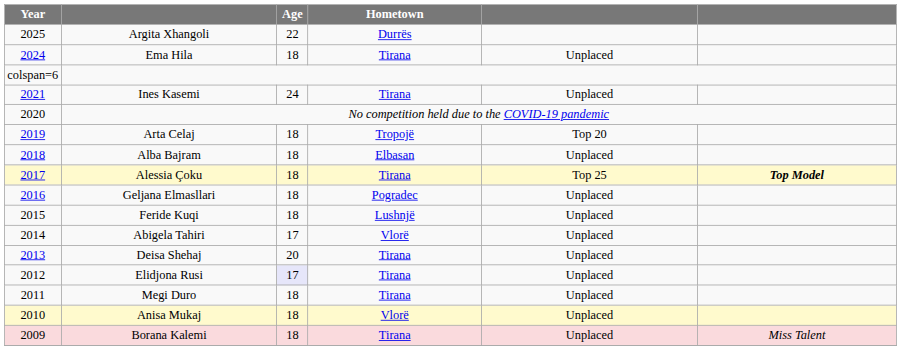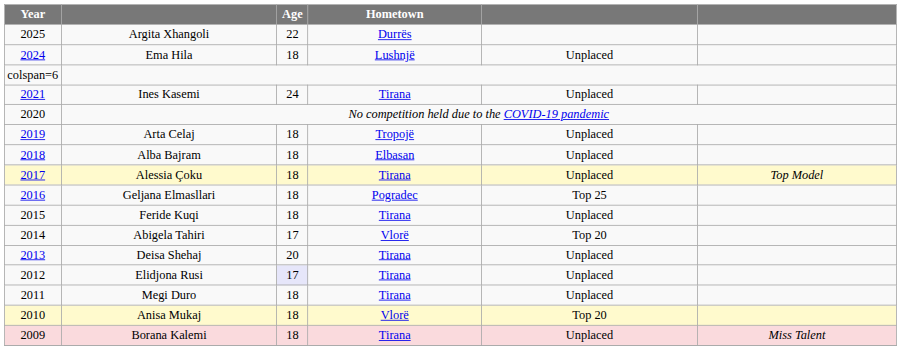 <table class="wikitable" style="font-size: 92%; text-align:center">
 <tr>
 <th width="30" style="background-color:#787878;color:#FFFFFF;">Year</th>
 <th width="250" style="background-color:#787878;color:#FFFFFF;"></th>
 <th width="30" style="background-color:#787878;color:#FFFFFF;">Age</th>
 <th width="200" style="background-color:#787878;color:#FFFFFF;">Hometown</th>
 <th width="250" style="background-color:#787878;color:#FFFFFF;"></th>
 <th width="230" style="background-color:#787878;color:#FFFFFF;"></th>
 </tr>
 <tr>
 <td>2025</td>
 <td>Argita Xhangoli</td>
 <td>22</td>
 <td><a href='#'>Durrës</a></td>
 <td></td>
 <td></td>
 </tr>
 <tr>
 <td><a href='#'>2024</a></td>
 <td>Ema Hila</td>
 <td>18</td>
-<td><a href='#'>Tirana</a></td>
+<td><a href='#'>Lushnjë</a></td>
 <td>Unplaced</td>
 <td></td>
 </tr>
 <tr>
 <td>colspan=6 </td>
 </tr>
 <tr>
 <td><a href='#'>2021</a></td>
 <td>Ines Kasemi</td>
 <td>24</td>
 <td><a href='#'>Tirana</a></td>
 <td>Unplaced</td>
 <td></td>
 </tr>
 <tr>
 <td>2020</td>
 <td colspan="5"><em>No competition held due to the <a href='#'>COVID-19 pandemic</a></em></td>
 </tr>
 <tr>
 <td><a href='#'>2019</a></td>
 <td>Arta Celaj</td>
 <td>18</td>
 <td><a href='#'>Tropojë</a></td>
-<td>Top 20</td>
+<td>Unplaced</td>
 <td></td>
 </tr>
 <tr>
 <td><a href='#'>2018</a></td>
 <td>Alba Bajram</td>
 <td>18</td>
 <td><a href='#'>Elbasan</a></td>
 <td>Unplaced</td>
 <td></td>
 </tr>
 <tr style="background-color:#FFFACD">
 <td><a href='#'>2017</a></td>
 <td>Alessia Çoku</td>
 <td>18</td>
 <td><a href='#'>Tirana</a></td>
-<td>Top 25</td>
-<td><strong><em>Top Model</em></strong></td>
+<td>Unplaced</td>
+<td><em>Top Model</em></td>
 </tr>
 <tr>
 <td><a href='#'>2016</a></td>
 <td>Geljana Elmasllari</td>
 <td>18</td>
 <td><a href='#'>Pogradec</a></td>
-<td>Unplaced</td>
+<td>Top 25</td>
 <td></td>
 </tr>
 <tr>
 <td>2015</td>
 <td>Feride Kuqi</td>
 <td>18</td>
-<td><a href='#'>Lushnjë</a></td>
+<td><a href='#'>Tirana</a></td>
 <td>Unplaced</td>
 <td></td>
 </tr>
 <tr>
 <td>2014</td>
 <td>Abigela Tahiri</td>
 <td>17</td>
 <td><a href='#'>Vlorë</a></td>
-<td>Unplaced</td>
+<td>Top 20</td>
 <td></td>
 </tr>
 <tr>
 <td><a href='#'>2013</a></td>
 <td>Deisa Shehaj</td>
 <td>20</td>
 <td><a href='#'>Tirana</a></td>
 <td>Unplaced</td>
 <td></td>
 </tr>
 <tr>
 <td>2012</td>
 <td>Elidjona Rusi</td>
 <td style="background: lavender;">17</td>
 <td><a href='#'>Tirana</a></td>
 <td>Unplaced</td>
 <td></td>
 </tr>
 <tr>
 <td>2011</td>
 <td>Megi Duro</td>
 <td>18</td>
 <td><a href='#'>Tirana</a></td>
 <td>Unplaced</td>
 <td></td>
 </tr>
 <tr style="background-color:#FFFACD">
 <td>2010</td>
 <td>Anisa Mukaj</td>
 <td>18</td>
 <td><a href='#'>Vlorë</a></td>
-<td>Unplaced</td>
+<td>Top 20</td>
 <td></td>
 </tr>
 <tr style="background-color:#FADADD;">
 <td>2009</td>
 <td>Borana Kalemi</td>
 <td>18</td>
 <td><a href='#'>Tirana</a></td>
 <td>Unplaced</td>
 <td><em>Miss Talent</em></td>
 </tr>
 <tr>
 </tr>
 </table>
